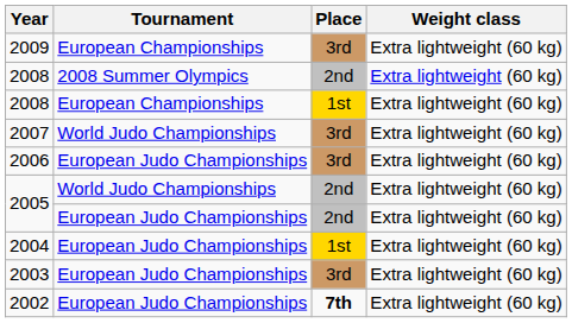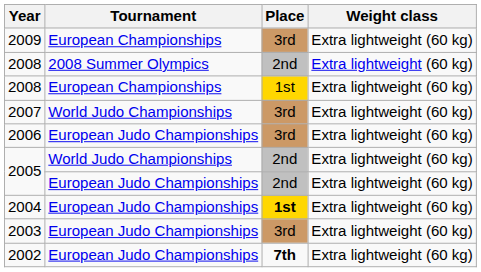 <table class=wikitable>
 <tr>
 <th>Year</th>
 <th>Tournament</th>
 <th>Place</th>
 <th>Weight class</th>
 </tr>
 <tr>
 <td>2009</td>
 <td><a href='#'>European Championships</a></td>
 <td bgcolor="cc9966" align="center">3rd</td>
 <td>Extra lightweight (60 kg)</td>
 </tr>
 <tr>
 <td>2008</td>
 <td><a href='#'>2008 Summer Olympics</a></td>
 <td bgcolor="silver" align="center">2nd</td>
 <td><a href='#'>Extra lightweight</a> (60 kg)</td>
 </tr>
 <tr>
 <td>2008</td>
 <td><a href='#'>European Championships</a></td>
 <td bgcolor="gold" align="center">1st</td>
 <td>Extra lightweight (60 kg)</td>
 </tr>
 <tr>
 <td>2007</td>
 <td><a href='#'>World Judo Championships</a></td>
 <td bgcolor="cc9966" align="center">3rd</td>
 <td>Extra lightweight (60 kg)</td>
 </tr>
 <tr>
 <td>2006</td>
 <td><a href='#'>European Judo Championships</a></td>
 <td bgcolor="cc9966" align="center">3rd</td>
 <td>Extra lightweight (60 kg)</td>
 </tr>
 <tr>
 <td rowspan=2>2005</td>
 <td><a href='#'>World Judo Championships</a></td>
 <td bgcolor="silver" align="center">2nd</td>
 <td>Extra lightweight (60 kg)</td>
 </tr>
 <tr>
 <td><a href='#'>European Judo Championships</a></td>
 <td bgcolor="silver" align="center">2nd</td>
 <td>Extra lightweight (60 kg)</td>
 </tr>
 <tr>
 <td>2004</td>
 <td><a href='#'>European Judo Championships</a></td>
-<td bgcolor="gold" align="center">1st</td>
+<td bgcolor="gold" align="center"><strong>1st</strong></td>
 <td>Extra lightweight (60 kg)</td>
 </tr>
 <tr>
 <td>2003</td>
 <td><a href='#'>European Judo Championships</a></td>
 <td bgcolor="cc9966" align="center">3rd</td>
 <td>Extra lightweight (60 kg)</td>
 </tr>
 <tr>
 <td>2002</td>
 <td><a href='#'>European Judo Championships</a></td>
 <td align="center"><strong>7th</strong></td>
 <td>Extra lightweight (60 kg)</td>
 </tr>
 </table>
